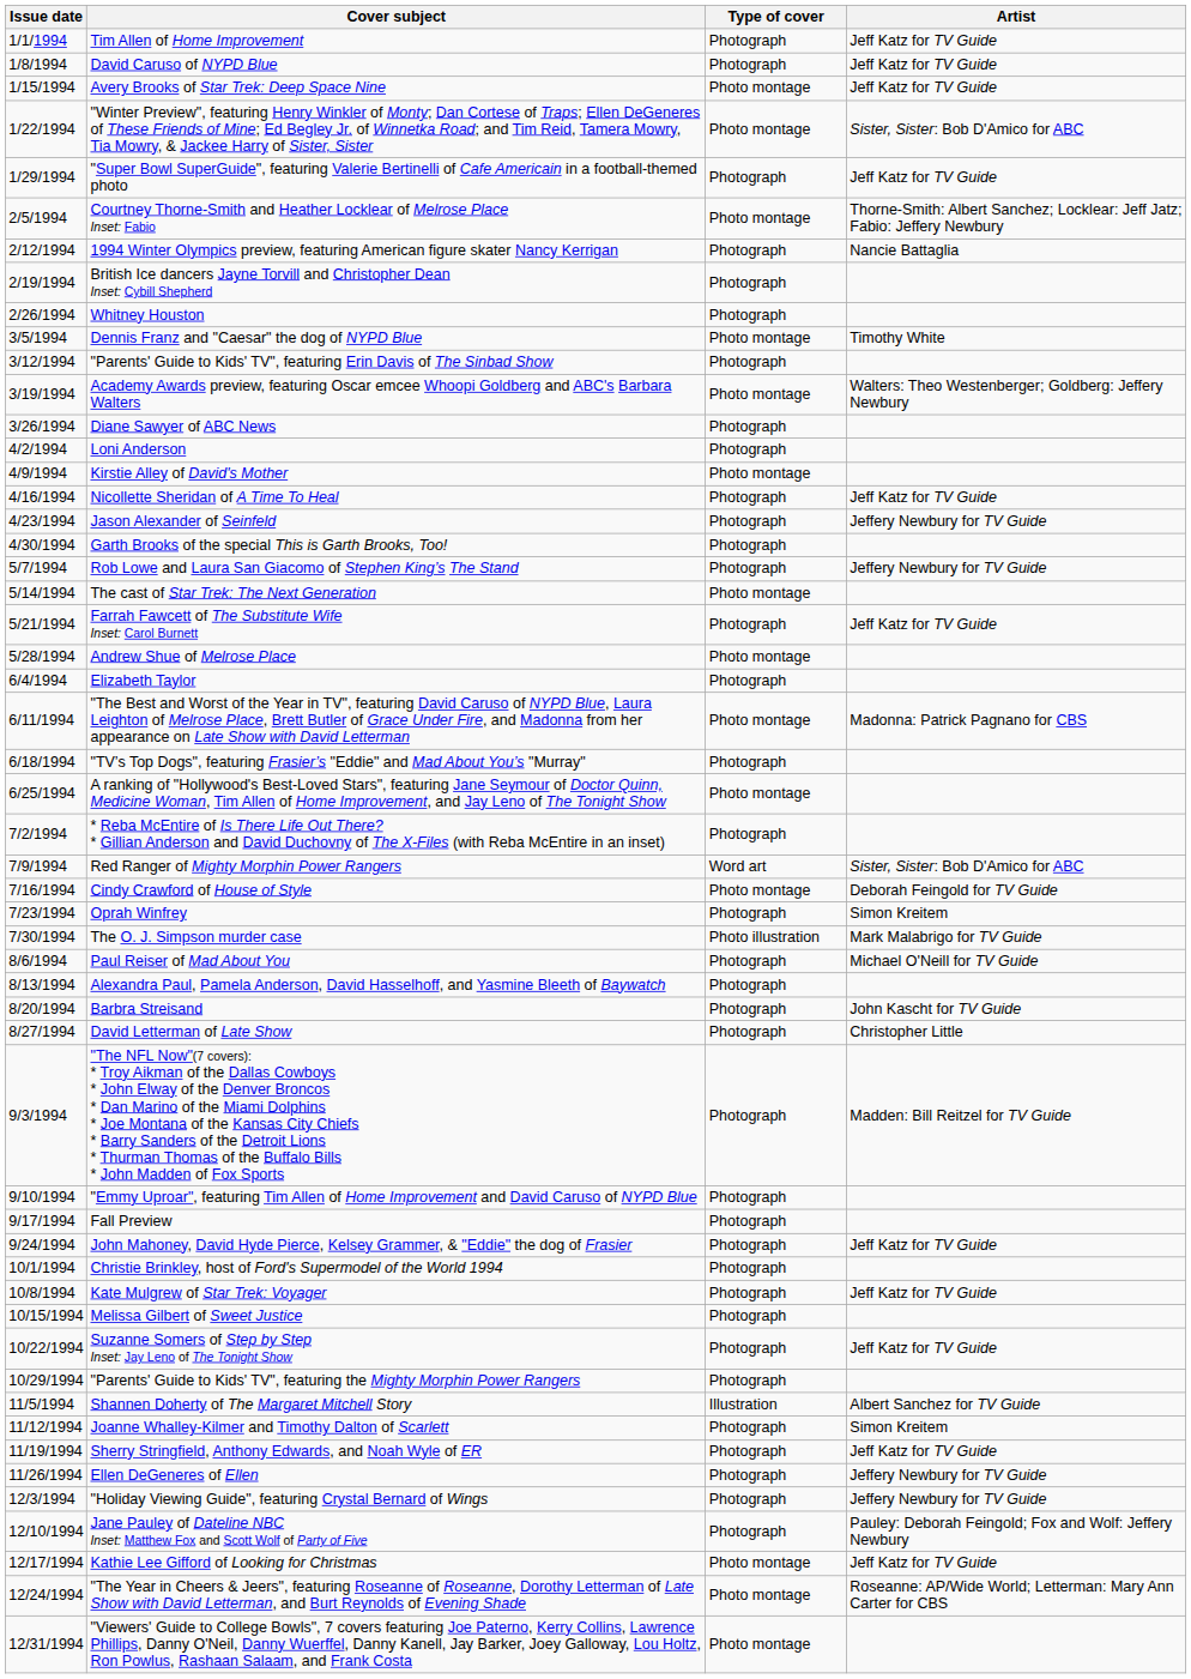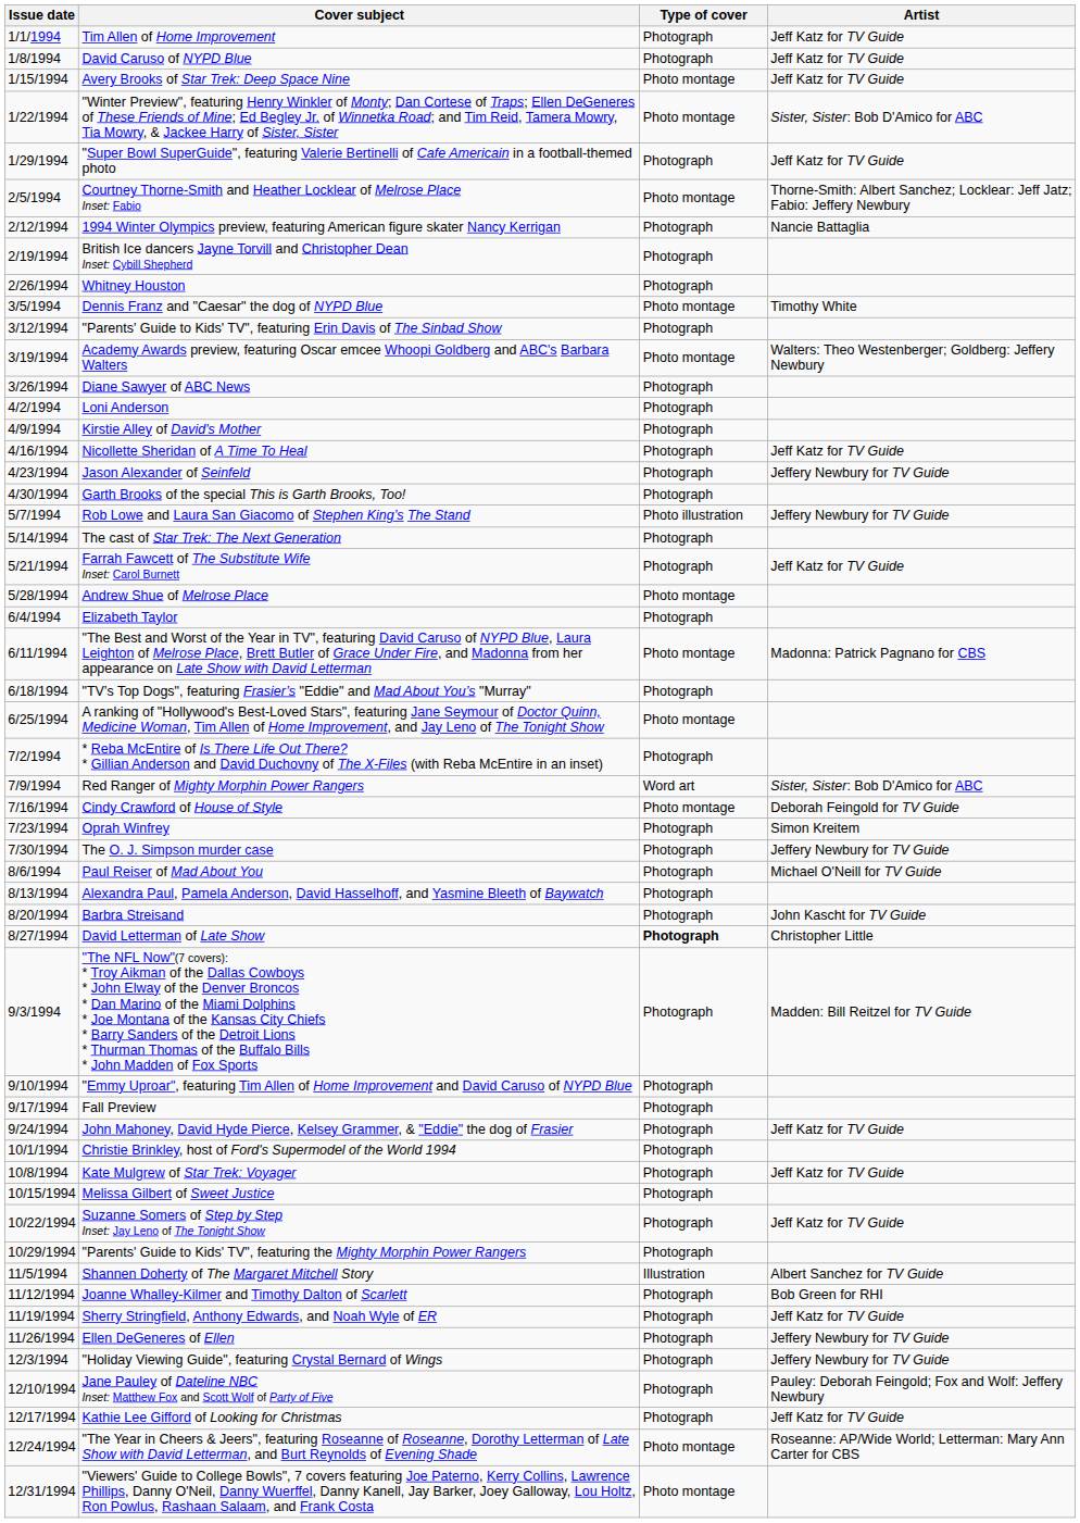 <table class="wikitable sortable" width=100% style="font-size:100%;">
 <tr>
 <th width=6%>Issue date</th>
 <th width=53%>Cover subject</th>
 <th width=12%>Type of cover</th>
 <th width=29%>Artist</th>
 </tr>
 <tr>
 <td>1/1/<a href='#'>1994</a></td>
 <td><a href='#'>Tim Allen</a> of <em><a href='#'>Home Improvement</a></em></td>
 <td>Photograph</td>
 <td>Jeff Katz for <em>TV Guide</em></td>
 </tr>
 <tr>
 <td>1/8/1994</td>
 <td><a href='#'>David Caruso</a> of <em><a href='#'>NYPD Blue</a></em></td>
 <td>Photograph</td>
 <td>Jeff Katz for <em>TV Guide</em></td>
 </tr>
 <tr>
 <td>1/15/1994</td>
 <td><a href='#'>Avery Brooks</a> of <em><a href='#'>Star Trek: Deep Space Nine</a></em></td>
 <td>Photo montage</td>
 <td>Jeff Katz for <em>TV Guide</em></td>
 </tr>
 <tr>
 <td>1/22/1994</td>
 <td>"Winter Preview", featuring <a href='#'>Henry Winkler</a> of <em><a href='#'>Monty</a></em>; <a href='#'>Dan Cortese</a> of <em><a href='#'>Traps</a></em>; <a href='#'>Ellen DeGeneres</a> of <em><a href='#'>These Friends of Mine</a></em>; <a href='#'>Ed Begley Jr.</a> of <em><a href='#'>Winnetka Road</a></em>; and <a href='#'>Tim Reid</a>, <a href='#'>Tamera Mowry</a>, <a href='#'>Tia Mowry</a>, & <a href='#'>Jackee Harry</a> of <em><a href='#'>Sister, Sister</a></em></td>
 <td>Photo montage</td>
 <td><em>Sister, Sister</em>: Bob D'Amico for <a href='#'>ABC</a></td>
 </tr>
 <tr>
 <td>1/29/1994</td>
 <td>"<a href='#'>Super Bowl SuperGuide</a>", featuring <a href='#'>Valerie Bertinelli</a> of <em><a href='#'>Cafe Americain</a></em> in a football-themed photo</td>
 <td>Photograph</td>
 <td>Jeff Katz for <em>TV Guide</em></td>
 </tr>
 <tr>
 <td>2/5/1994</td>
 <td><a href='#'>Courtney Thorne-Smith</a> and <a href='#'>Heather Locklear</a> of <em><a href='#'>Melrose Place</a></em><br><small><em>Inset:</em> <a href='#'>Fabio</a></small></td>
 <td>Photo montage</td>
 <td>Thorne-Smith: Albert Sanchez; Locklear: Jeff Jatz; Fabio: Jeffery Newbury</td>
 </tr>
 <tr>
 <td>2/12/1994</td>
 <td><a href='#'>1994 Winter Olympics</a> preview, featuring American figure skater <a href='#'>Nancy Kerrigan</a></td>
 <td>Photograph</td>
 <td>Nancie Battaglia</td>
 </tr>
 <tr>
 <td>2/19/1994</td>
 <td>British Ice dancers <a href='#'>Jayne Torvill</a> and <a href='#'>Christopher Dean</a><br><small><em>Inset:</em> <a href='#'>Cybill Shepherd</a></small></td>
 <td>Photograph</td>
 <td></td>
 </tr>
 <tr>
 <td>2/26/1994</td>
 <td><a href='#'>Whitney Houston</a></td>
 <td>Photograph</td>
 <td></td>
 </tr>
 <tr>
 <td>3/5/1994</td>
 <td><a href='#'>Dennis Franz</a> and "Caesar" the dog of <em><a href='#'>NYPD Blue</a></em></td>
 <td>Photo montage</td>
 <td>Timothy White</td>
 </tr>
 <tr>
 <td>3/12/1994</td>
 <td>"Parents' Guide to Kids' TV", featuring <a href='#'>Erin Davis</a> of <em><a href='#'>The Sinbad Show</a></em></td>
 <td>Photograph</td>
 <td></td>
 </tr>
 <tr>
 <td>3/19/1994</td>
 <td><a href='#'>Academy Awards</a> preview, featuring Oscar emcee <a href='#'>Whoopi Goldberg</a> and <a href='#'>ABC's</a> <a href='#'>Barbara Walters</a></td>
 <td>Photo montage</td>
 <td>Walters: Theo Westenberger; Goldberg: Jeffery Newbury</td>
 </tr>
 <tr>
 <td>3/26/1994</td>
 <td><a href='#'>Diane Sawyer</a> of <a href='#'>ABC News</a></td>
 <td>Photograph</td>
 <td></td>
 </tr>
 <tr>
 <td>4/2/1994</td>
 <td><a href='#'>Loni Anderson</a></td>
 <td>Photograph</td>
 <td></td>
 </tr>
 <tr>
 <td>4/9/1994</td>
 <td><a href='#'>Kirstie Alley</a> of <em><a href='#'>David's Mother</a></em></td>
-<td>Photo montage</td>
+<td>Photograph</td>
 <td></td>
 </tr>
 <tr>
 <td>4/16/1994</td>
 <td><a href='#'>Nicollette Sheridan</a> of <em><a href='#'>A Time To Heal</a></em></td>
 <td>Photograph</td>
 <td>Jeff Katz for <em>TV Guide</em></td>
 </tr>
 <tr>
 <td>4/23/1994</td>
 <td><a href='#'>Jason Alexander</a> of <em><a href='#'>Seinfeld</a></em></td>
 <td>Photograph</td>
 <td>Jeffery Newbury for <em>TV Guide</em></td>
 </tr>
 <tr>
 <td>4/30/1994</td>
 <td><a href='#'>Garth Brooks</a> of the special <em>This is Garth Brooks, Too!</em></td>
 <td>Photograph</td>
 <td></td>
 </tr>
 <tr>
 <td>5/7/1994</td>
 <td><a href='#'>Rob Lowe</a> and <a href='#'>Laura San Giacomo</a> of <em><a href='#'>Stephen King’s</a> <a href='#'>The Stand</a></em></td>
-<td>Photograph</td>
+<td>Photo illustration</td>
 <td>Jeffery Newbury for <em>TV Guide</em></td>
 </tr>
 <tr>
 <td>5/14/1994</td>
 <td>The cast of <em><a href='#'>Star Trek: The Next Generation</a></em></td>
-<td>Photo montage</td>
+<td>Photograph</td>
 <td></td>
 </tr>
 <tr>
 <td>5/21/1994</td>
 <td><a href='#'>Farrah Fawcett</a> of <em><a href='#'>The Substitute Wife</a></em><br><small><em>Inset:</em> <a href='#'>Carol Burnett</a></small></td>
 <td>Photograph</td>
 <td>Jeff Katz for <em>TV Guide</em></td>
 </tr>
 <tr>
 <td>5/28/1994</td>
 <td><a href='#'>Andrew Shue</a> of <em><a href='#'>Melrose Place</a></em></td>
 <td>Photo montage</td>
 <td></td>
 </tr>
 <tr>
 <td>6/4/1994</td>
 <td><a href='#'>Elizabeth Taylor</a></td>
 <td>Photograph</td>
 <td></td>
 </tr>
 <tr>
 <td>6/11/1994</td>
 <td>"The Best and Worst of the Year in TV", featuring <a href='#'>David Caruso</a> of <em><a href='#'>NYPD Blue</a></em>, <a href='#'>Laura Leighton</a> of <em><a href='#'>Melrose Place</a></em>, <a href='#'>Brett Butler</a> of <em><a href='#'>Grace Under Fire</a></em>, and <a href='#'>Madonna</a> from her appearance on <em><a href='#'>Late Show with David Letterman</a></em></td>
 <td>Photo montage</td>
 <td>Madonna: Patrick Pagnano for <a href='#'>CBS</a></td>
 </tr>
 <tr>
 <td>6/18/1994</td>
 <td>"TV’s Top Dogs", featuring <em><a href='#'> Frasier’s</a></em> "Eddie" and <em><a href='#'>Mad About You’s</a></em> "Murray"</td>
 <td>Photograph</td>
 <td></td>
 </tr>
 <tr>
 <td>6/25/1994</td>
 <td>A ranking of "Hollywood's Best-Loved Stars", featuring <a href='#'>Jane Seymour</a> of <em><a href='#'>Doctor Quinn, Medicine Woman</a></em>, <a href='#'>Tim Allen</a> of <em><a href='#'>Home Improvement</a></em>, and <a href='#'>Jay Leno</a> of <em><a href='#'>The Tonight Show</a></em></td>
 <td>Photo montage</td>
 <td></td>
 </tr>
 <tr>
 <td>7/2/1994</td>
 <td>* <a href='#'>Reba McEntire</a> of <em><a href='#'>Is There Life Out There?</a></em><br>* <a href='#'>Gillian Anderson</a> and <a href='#'>David Duchovny</a> of <em><a href='#'>The X-Files</a></em> (with Reba McEntire in an inset)</td>
 <td>Photograph</td>
 <td></td>
 </tr>
 <tr>
 <td>7/9/1994</td>
 <td>Red Ranger of <em><a href='#'>Mighty Morphin Power Rangers</a></em></td>
 <td>Word art</td>
 <td><em>Sister, Sister</em>: Bob D'Amico for <a href='#'>ABC</a></td>
 </tr>
 <tr>
 <td>7/16/1994</td>
 <td><a href='#'>Cindy Crawford</a> of <em><a href='#'>House of Style</a></em></td>
 <td>Photo montage</td>
 <td>Deborah Feingold for <em>TV Guide</em></td>
 </tr>
 <tr>
 <td>7/23/1994</td>
 <td><a href='#'>Oprah Winfrey</a></td>
 <td>Photograph</td>
 <td>Simon Kreitem</td>
 </tr>
 <tr>
 <td>7/30/1994</td>
 <td>The <a href='#'>O. J. Simpson murder case</a></td>
-<td>Photo illustration</td>
-<td>Mark Malabrigo for <em>TV Guide</em></td>
+<td>Photograph</td>
+<td>Jeffery Newbury for <em>TV Guide</em></td>
 </tr>
 <tr>
 <td>8/6/1994</td>
 <td><a href='#'>Paul Reiser</a> of <em><a href='#'>Mad About You</a></em></td>
 <td>Photograph</td>
 <td>Michael O'Neill for <em>TV Guide</em></td>
 </tr>
 <tr>
 <td>8/13/1994</td>
 <td><a href='#'>Alexandra Paul</a>, <a href='#'>Pamela Anderson</a>, <a href='#'>David Hasselhoff</a>, and <a href='#'>Yasmine Bleeth</a> of <em><a href='#'>Baywatch</a></em></td>
 <td>Photograph</td>
 <td></td>
 </tr>
 <tr>
 <td>8/20/1994</td>
 <td><a href='#'>Barbra Streisand</a></td>
 <td>Photograph</td>
 <td>John Kascht for <em>TV Guide</em></td>
 </tr>
 <tr>
 <td>8/27/1994</td>
 <td><a href='#'>David Letterman</a> of <em><a href='#'>Late Show</a></em></td>
-<td>Photograph</td>
+<td><strong>Photograph</strong></td>
 <td>Christopher Little</td>
 </tr>
 <tr>
 <td>9/3/1994</td>
 <td><a href='#'>"The NFL Now"</a><small>(7 covers):</small><br>* <a href='#'>Troy Aikman</a> of the <a href='#'>Dallas Cowboys</a><br>* <a href='#'>John Elway</a> of the <a href='#'>Denver Broncos</a><br>* <a href='#'>Dan Marino</a> of the <a href='#'>Miami Dolphins</a><br>* <a href='#'>Joe Montana</a> of the <a href='#'>Kansas City Chiefs</a><br>* <a href='#'>Barry Sanders</a> of the <a href='#'>Detroit Lions</a><br>* <a href='#'>Thurman Thomas</a> of the <a href='#'>Buffalo Bills</a><br>* <a href='#'>John Madden</a> of <a href='#'>Fox Sports</a></td>
 <td>Photograph</td>
 <td>Madden: Bill Reitzel for <em>TV Guide</em></td>
 </tr>
 <tr>
 <td>9/10/1994</td>
 <td>"<a href='#'>Emmy Uproar"</a>, featuring <a href='#'>Tim Allen</a> of <em><a href='#'>Home Improvement</a></em> and <a href='#'>David Caruso</a> of <em><a href='#'>NYPD Blue</a></em></td>
 <td>Photograph</td>
 <td></td>
 </tr>
 <tr>
 <td>9/17/1994</td>
 <td>Fall Preview</td>
 <td>Photograph</td>
 <td></td>
 </tr>
 <tr>
 <td>9/24/1994</td>
 <td><a href='#'>John Mahoney</a>, <a href='#'>David Hyde Pierce</a>, <a href='#'>Kelsey Grammer</a>, & <a href='#'>"Eddie"</a> the dog of <em><a href='#'>Frasier</a></em></td>
 <td>Photograph</td>
 <td>Jeff Katz for <em>TV Guide</em></td>
 </tr>
 <tr>
 <td>10/1/1994</td>
 <td><a href='#'>Christie Brinkley</a>, host of <em>Ford's Supermodel of the World 1994</em></td>
 <td>Photograph</td>
 <td></td>
 </tr>
 <tr>
 <td>10/8/1994</td>
 <td><a href='#'>Kate Mulgrew</a> of <em><a href='#'>Star Trek: Voyager</a></em></td>
 <td>Photograph</td>
 <td>Jeff Katz for <em>TV Guide</em></td>
 </tr>
 <tr>
 <td>10/15/1994</td>
 <td><a href='#'>Melissa Gilbert</a> of <em><a href='#'>Sweet Justice</a></em></td>
 <td>Photograph</td>
 <td></td>
 </tr>
 <tr>
 <td>10/22/1994</td>
 <td><a href='#'>Suzanne Somers</a> of <em><a href='#'>Step by Step</a></em><br><small><em>Inset:</em> <a href='#'>Jay Leno</a> of <em><a href='#'>The Tonight Show</a></em></small></td>
 <td>Photograph</td>
 <td>Jeff Katz for <em>TV Guide</em></td>
 </tr>
 <tr>
 <td>10/29/1994</td>
 <td>"Parents' Guide to Kids' TV", featuring the <em><a href='#'>Mighty Morphin Power Rangers</a></em></td>
 <td>Photograph</td>
 <td></td>
 </tr>
 <tr>
 <td>11/5/1994</td>
 <td><a href='#'>Shannen Doherty</a> of <em>The <a href='#'>Margaret Mitchell</a> Story</em></td>
 <td>Illustration</td>
 <td>Albert Sanchez for <em>TV Guide</em></td>
 </tr>
 <tr>
 <td>11/12/1994</td>
 <td><a href='#'>Joanne Whalley-Kilmer</a> and <a href='#'>Timothy Dalton</a> of <em><a href='#'>Scarlett</a></em></td>
 <td>Photograph</td>
-<td>Simon Kreitem</td>
+<td>Bob Green for RHI</td>
 </tr>
 <tr>
 <td>11/19/1994</td>
 <td><a href='#'>Sherry Stringfield</a>, <a href='#'>Anthony Edwards</a>, and <a href='#'>Noah Wyle</a> of <em><a href='#'>ER</a></em></td>
 <td>Photograph</td>
 <td>Jeff Katz for <em>TV Guide</em></td>
 </tr>
 <tr>
 <td>11/26/1994</td>
 <td><a href='#'>Ellen DeGeneres</a> of <em><a href='#'>Ellen</a></em></td>
 <td>Photograph</td>
 <td>Jeffery Newbury for <em>TV Guide</em></td>
 </tr>
 <tr>
 <td>12/3/1994</td>
 <td>"Holiday Viewing Guide", featuring <a href='#'>Crystal Bernard</a> of <em>Wings</em></td>
 <td>Photograph</td>
 <td>Jeffery Newbury for <em>TV Guide</em></td>
 </tr>
 <tr>
 <td>12/10/1994</td>
 <td><a href='#'>Jane Pauley</a> of <em><a href='#'>Dateline NBC</a></em><br><small><em>Inset:</em> <a href='#'>Matthew Fox</a> and <a href='#'>Scott Wolf</a> of <em><a href='#'>Party of Five</a></em></small></td>
 <td>Photograph</td>
 <td>Pauley: Deborah Feingold; Fox and Wolf: Jeffery Newbury</td>
 </tr>
 <tr>
 <td>12/17/1994</td>
 <td><a href='#'>Kathie Lee Gifford</a> of <em>Looking for Christmas</em></td>
-<td>Photo montage</td>
+<td>Photograph</td>
 <td>Jeff Katz for <em>TV Guide</em></td>
 </tr>
 <tr>
 <td>12/24/1994</td>
 <td>"The Year in Cheers & Jeers", featuring <a href='#'>Roseanne</a> of <em><a href='#'>Roseanne</a></em>, <a href='#'>Dorothy Letterman</a> of <em><a href='#'>Late Show with David Letterman</a></em>, and <a href='#'>Burt Reynolds</a> of <em><a href='#'>Evening Shade</a></em></td>
 <td>Photo montage</td>
 <td>Roseanne: AP/Wide World; Letterman: Mary Ann Carter for CBS</td>
 </tr>
 <tr>
 <td>12/31/1994</td>
 <td>"Viewers' Guide to College Bowls", 7 covers featuring <a href='#'>Joe Paterno</a>, <a href='#'>Kerry Collins</a>, <a href='#'>Lawrence Phillips</a>, Danny O'Neil, <a href='#'>Danny Wuerffel</a>, Danny Kanell, Jay Barker, Joey Galloway, <a href='#'>Lou Holtz</a>, <a href='#'>Ron Powlus</a>, <a href='#'>Rashaan Salaam</a>, and <a href='#'>Frank Costa</a></td>
 <td>Photo montage</td>
 <td></td>
 </tr>
 </table>
